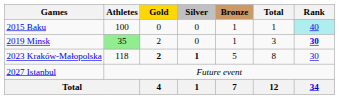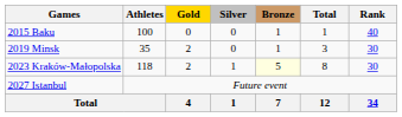 <table class="wikitable" style="text-align:center; font-size:90%;">
 <tr>
 <th>Games</th>
 <th>Athletes</th>
 <td style="background:gold; width:3.7em; font-weight:bold;">Gold</td>
 <td style="background:silver; width:3.7em; font-weight:bold;">Silver</td>
 <td style="background:#cc9966; width:3.7em; font-weight:bold;">Bronze</td>
 <th style="width:4em; font-weight:bold;">Total</th>
 <th style="width:4em; font-weight:bold;">Rank</th>
 </tr>
 <tr>
 <td align=left> <a href='#'>2015 Baku</a></td>
 <td>100</td>
 <td>0</td>
 <td>0</td>
 <td>1</td>
 <td>1</td>
-<td style="background: paleturquoise;"><a href='#'>40</a></td>
+<td><a href='#'>40</a></td>
 </tr>
 <tr>
 <td align=left> <a href='#'>2019 Minsk</a></td>
-<td style="background: lightgreen;">35</td>
+<td>35</td>
 <td>2</td>
 <td>0</td>
 <td>1</td>
 <td>3</td>
-<td><strong><a href='#'>30</a></strong></td>
+<td><a href='#'>30</a></td>
 </tr>
 <tr>
 <td align=left> <a href='#'>2023 Kraków-Małopolska</a></td>
 <td>118</td>
-<td><strong>2</strong></td>
-<td><strong>1</strong></td>
-<td>5</td>
+<td>2</td>
+<td>1</td>
+<td style="background: lightyellow;">5</td>
 <td>8</td>
 <td><a href='#'>30</a></td>
 </tr>
 <tr>
 <td align=left> <a href='#'>2027 Istanbul</a></td>
 <td colspan=6><em>Future event</em></td>
 </tr>
 <tr>
 <th colspan=2>Total</th>
 <th>4</th>
 <th>1</th>
 <th>7</th>
 <th>12</th>
 <th><a href='#'>34</a></th>
 </tr>
 </table>
